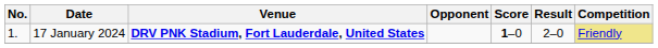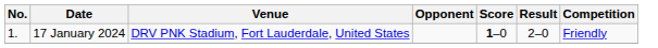 <table class="wikitable">
 <tr>
 <th>No.</th>
 <th>Date</th>
 <th>Venue</th>
 <th>Opponent</th>
 <th>Score</th>
 <th>Result</th>
 <th>Competition</th>
 </tr>
 <tr>
 <td>1.</td>
 <td>17 January 2024</td>
-<td><strong><a href='#'>DRV PNK Stadium</a>, <a href='#'>Fort Lauderdale</a>, <a href='#'>United States</a></strong></td>
+<td><a href='#'>DRV PNK Stadium</a>, <a href='#'>Fort Lauderdale</a>, <a href='#'>United States</a></td>
 <td></td>
 <td align=center><strong>1</strong>–0</td>
 <td align=center>2–0</td>
-<td style="background: khaki;"><a href='#'>Friendly</a></td>
+<td><a href='#'>Friendly</a></td>
 </tr>
 <tr>
 </tr>
 </table>
